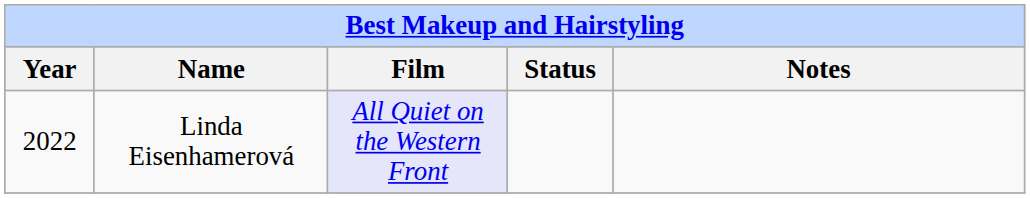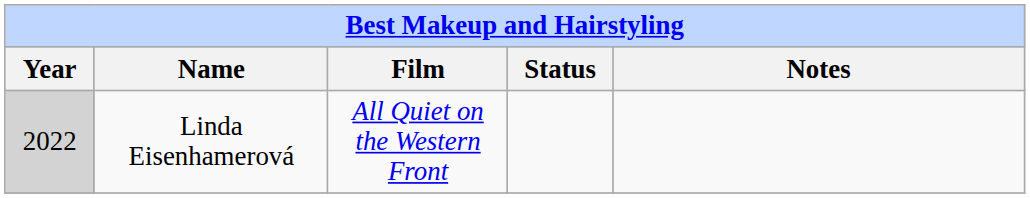 <table class="wikitable" style="text-align: center">
 <tr style="background:#bfd7ff;">
 <td colspan="6" style="text-align:center;"><strong><a href='#'>Best Makeup and Hairstyling</a></strong></td>
 </tr>
 <tr style="background:#ebf5ff;">
 <th style="width:075px;">Year</th>
 <th style="width:200px;">Name</th>
 <th style="width:200px;">Film</th>
 <th style="width:080px;">Status</th>
 <th style="width:650px;">Notes</th>
 </tr>
 <tr>
-<td>2022</td>
+<td style="background: lightgrey;">2022</td>
 <td>Linda Eisenhamerová</td>
-<td style="background: lavender;"><em><a href='#'>All Quiet on the Western Front</a></em></td>
+<td><em><a href='#'>All Quiet on the Western Front</a></em></td>
 <td></td>
 <td></td>
 </tr>
 </table>
